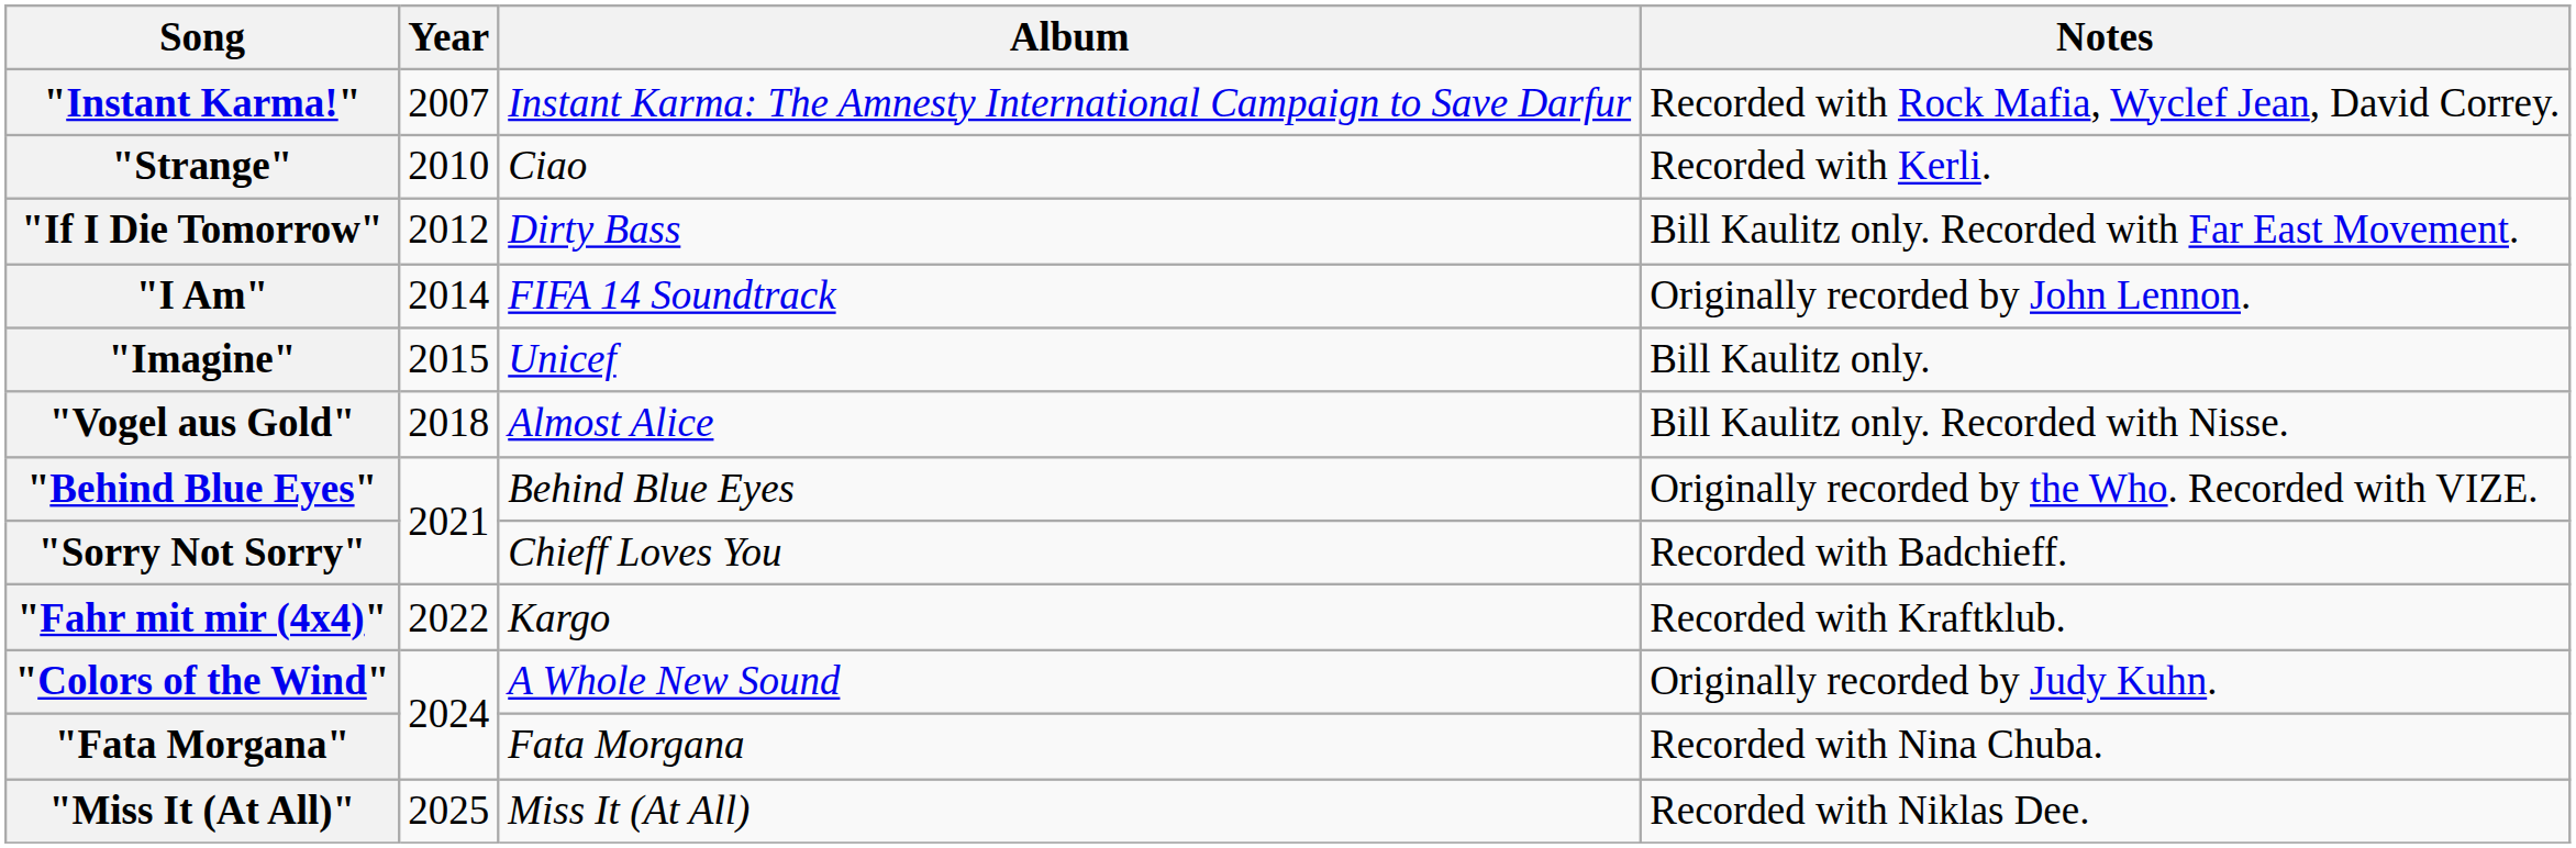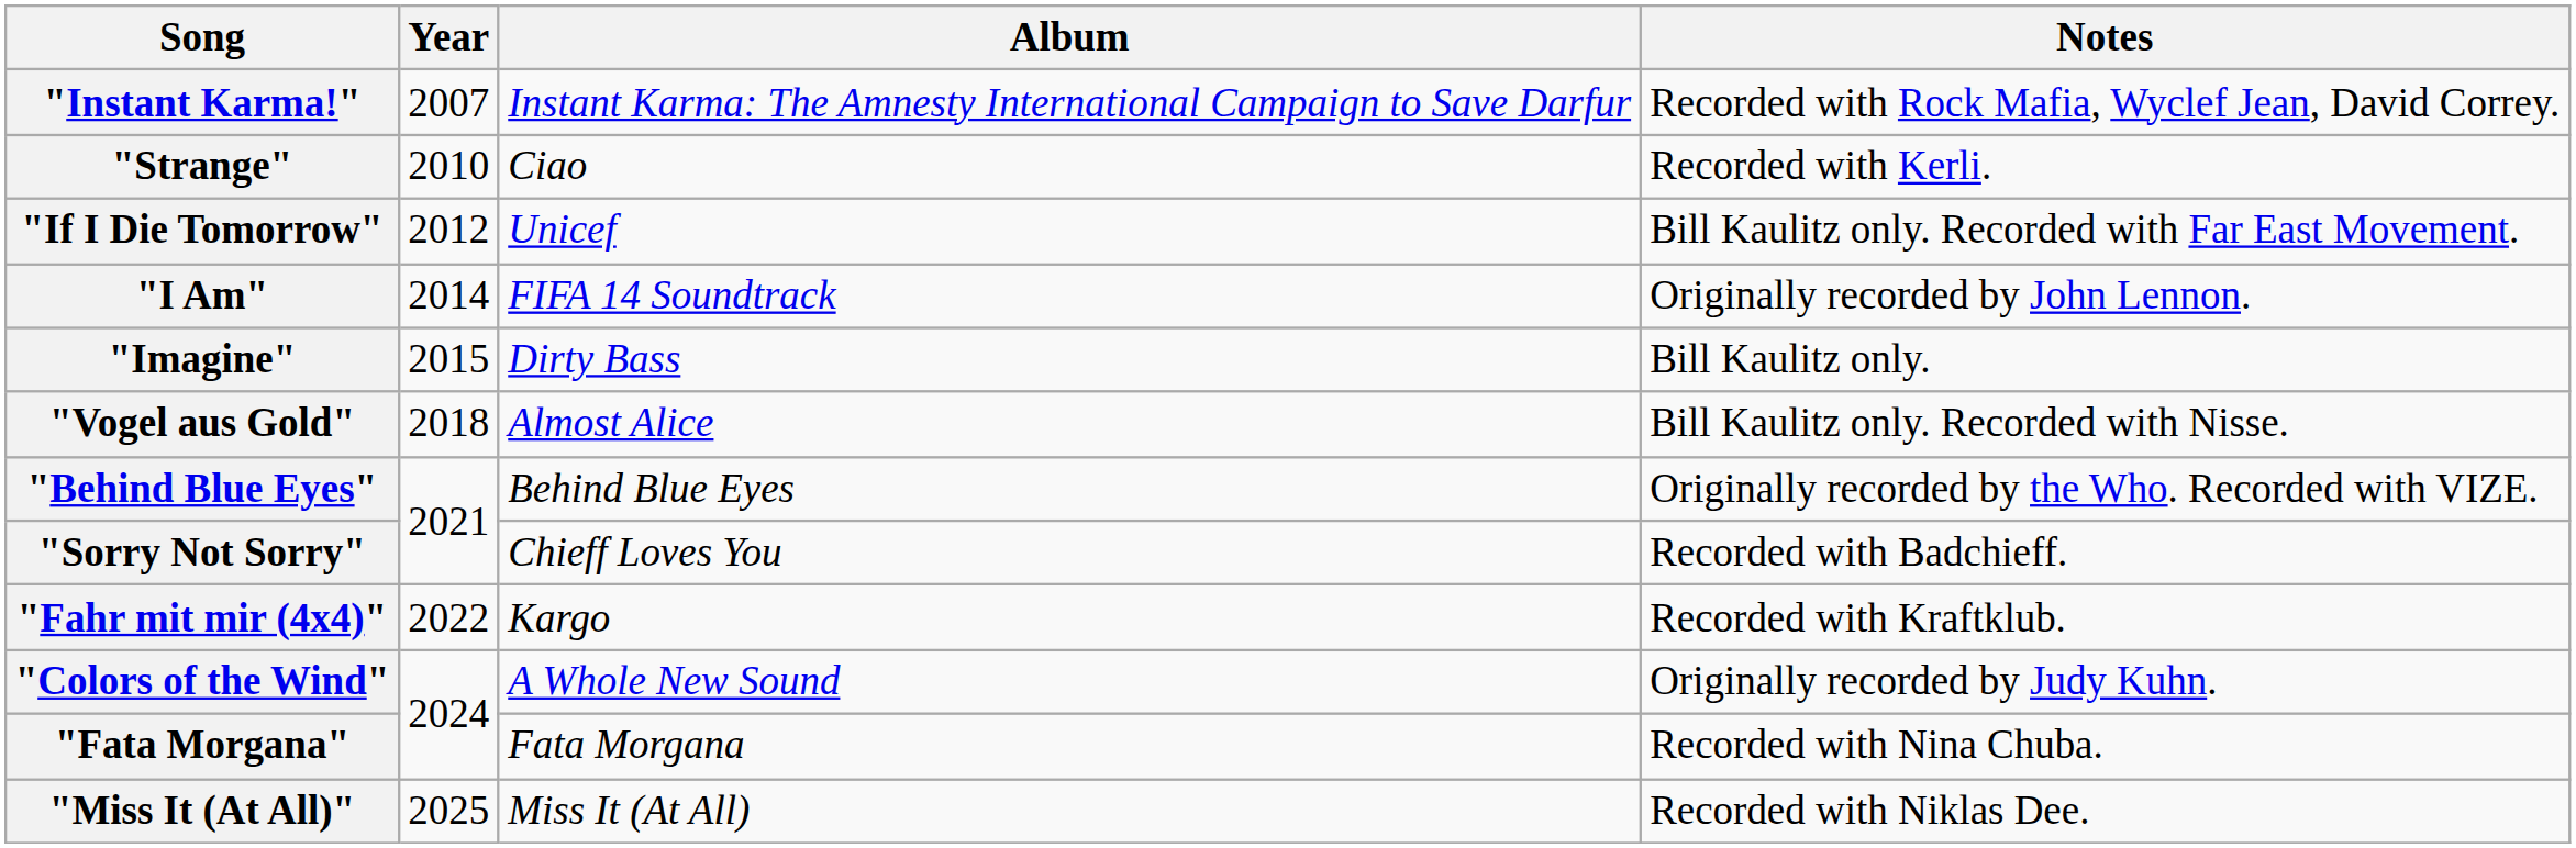 <table class="wikitable plainrowheaders">
 <tr>
 <th>Song</th>
 <th>Year</th>
 <th>Album</th>
 <th>Notes</th>
 </tr>
 <tr>
 <th scope="row">"<a href='#'>Instant Karma!</a>"</th>
 <td>2007</td>
 <td><em><a href='#'>Instant Karma: The Amnesty International Campaign to Save Darfur</a></em></td>
 <td>Recorded with <a href='#'>Rock Mafia</a>, <a href='#'>Wyclef Jean</a>, David Correy.</td>
 </tr>
 <tr>
 <th scope="row">"Strange"</th>
 <td>2010</td>
 <td><em>Ciao</em></td>
 <td>Recorded with <a href='#'>Kerli</a>.</td>
 </tr>
 <tr>
 <th scope="row">"If I Die Tomorrow"</th>
 <td>2012</td>
-<td><em><a href='#'>Dirty Bass</a></em></td>
+<td><em><a href='#'>Unicef</a></em></td>
 <td>Bill Kaulitz only. Recorded with <a href='#'>Far East Movement</a>.</td>
 </tr>
 <tr>
 <th scope="row">"I Am"</th>
 <td>2014</td>
 <td><em><a href='#'>FIFA 14 Soundtrack</a></em></td>
 <td>Originally recorded by <a href='#'>John Lennon</a>.</td>
 </tr>
 <tr>
 <th scope="row">"Imagine"</th>
 <td>2015</td>
-<td><em><a href='#'>Unicef</a></em></td>
+<td><em><a href='#'>Dirty Bass</a></em></td>
 <td>Bill Kaulitz only.</td>
 </tr>
 <tr>
 <th scope="row">"Vogel aus Gold"</th>
 <td>2018</td>
 <td><em><a href='#'>Almost Alice</a></em></td>
 <td>Bill Kaulitz only. Recorded with Nisse.</td>
 </tr>
 <tr>
 <th scope="row">"<a href='#'>Behind Blue Eyes</a>"</th>
 <td rowspan=2>2021</td>
 <td><em>Behind Blue Eyes</em></td>
 <td>Originally recorded by <a href='#'>the Who</a>. Recorded with VIZE.</td>
 </tr>
 <tr>
 <th scope="row">"Sorry Not Sorry"</th>
 <td><em>Chieff Loves You</em></td>
 <td>Recorded with Badchieff.</td>
 </tr>
 <tr>
 <th scope="row">"<a href='#'>Fahr mit mir (4x4)</a>"</th>
 <td>2022</td>
 <td><em>Kargo</em></td>
 <td>Recorded with Kraftklub.</td>
 </tr>
 <tr>
 <th scope="row">"<a href='#'>Colors of the Wind</a>"</th>
 <td rowspan=2>2024</td>
 <td><em><a href='#'>A Whole New Sound</a></em></td>
 <td>Originally recorded by <a href='#'>Judy Kuhn</a>.</td>
 </tr>
 <tr>
 <th scope="row">"Fata Morgana"</th>
 <td><em>Fata Morgana</em></td>
 <td>Recorded with Nina Chuba.</td>
 </tr>
 <tr>
 <th scope="row">"Miss It (At All)"</th>
 <td>2025</td>
 <td><em>Miss It (At All)</em></td>
 <td>Recorded with Niklas Dee.</td>
 </tr>
 </table>
